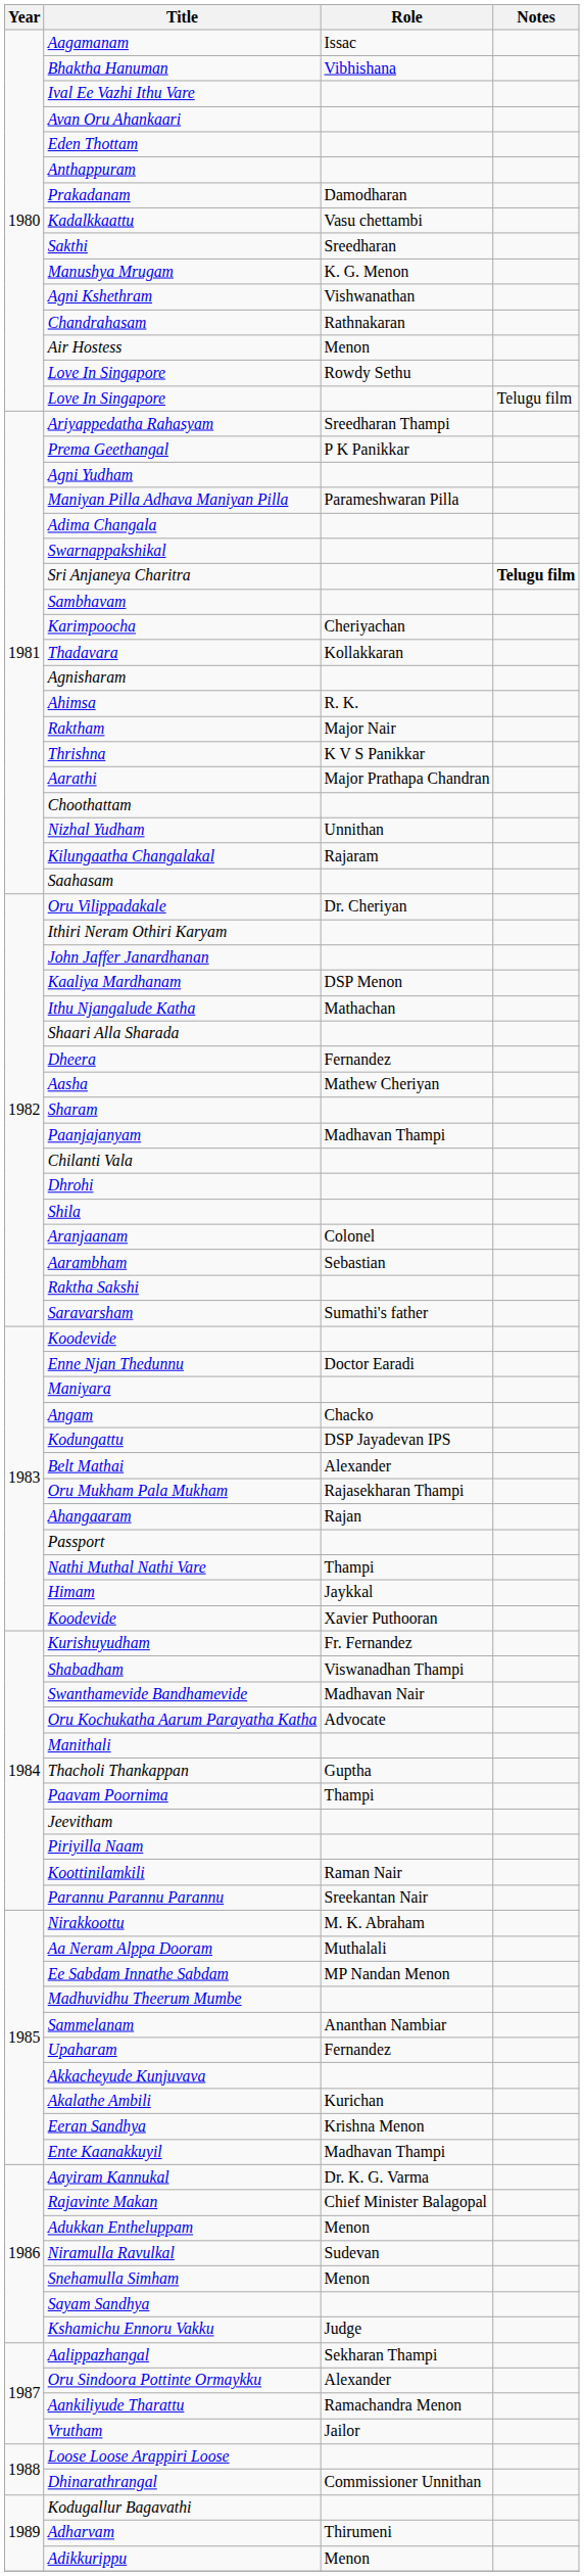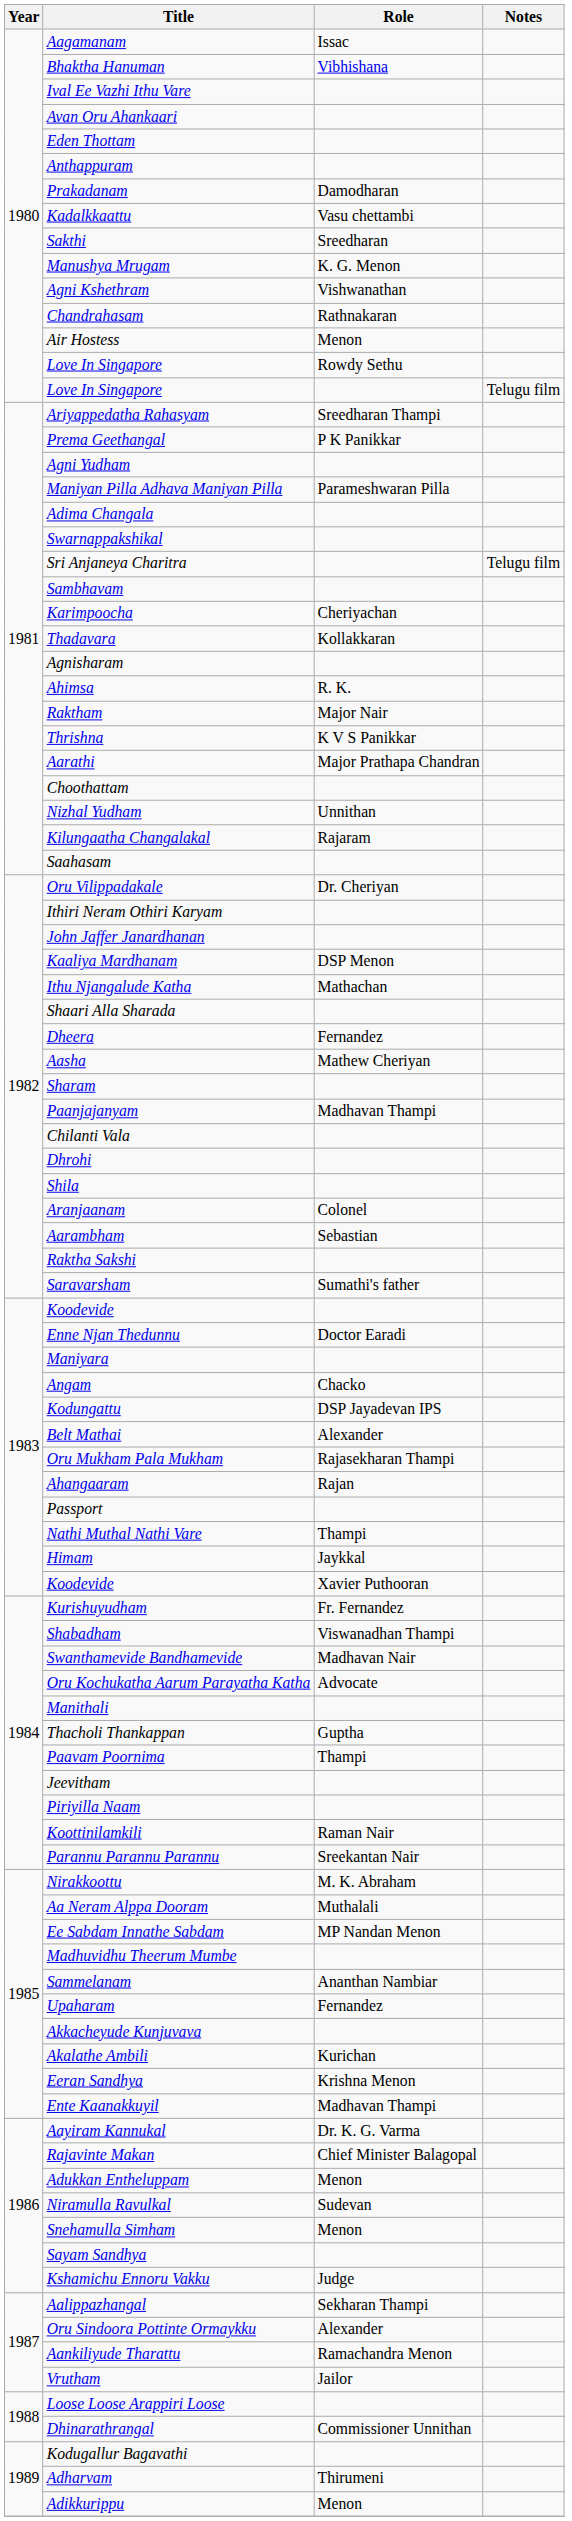 <table class="wikitable sortable">
 <tr>
 <th>Year</th>
 <th>Title</th>
 <th>Role</th>
 <th class="unsortable">Notes</th>
 </tr>
 <tr>
 <td rowspan=15>1980</td>
 <td><em><a href='#'>Aagamanam</a></em></td>
 <td>Issac</td>
 <td></td>
 </tr>
 <tr>
 <td><em><a href='#'>Bhaktha Hanuman</a></em></td>
 <td><a href='#'>Vibhishana</a></td>
 <td></td>
 </tr>
 <tr>
 <td><em><a href='#'>Ival Ee Vazhi Ithu Vare</a></em></td>
 <td></td>
 <td></td>
 </tr>
 <tr>
 <td><em><a href='#'>Avan Oru Ahankaari</a></em></td>
 <td></td>
 <td></td>
 </tr>
 <tr>
 <td><em><a href='#'>Eden Thottam</a></em></td>
 <td></td>
 <td></td>
 </tr>
 <tr>
 <td><em><a href='#'>Anthappuram</a></em></td>
 <td></td>
 <td></td>
 </tr>
 <tr>
 <td><em><a href='#'>Prakadanam</a></em></td>
 <td>Damodharan</td>
 <td></td>
 </tr>
 <tr>
 <td><em><a href='#'>Kadalkkaattu</a></em></td>
 <td>Vasu chettambi</td>
 <td></td>
 </tr>
 <tr>
 <td><em><a href='#'>Sakthi</a></em></td>
 <td>Sreedharan</td>
 <td></td>
 </tr>
 <tr>
 <td><em><a href='#'>Manushya Mrugam</a></em></td>
 <td>K. G. Menon</td>
 <td></td>
 </tr>
 <tr>
 <td><em><a href='#'>Agni Kshethram</a></em></td>
 <td>Vishwanathan</td>
 <td></td>
 </tr>
 <tr>
 <td><em><a href='#'>Chandrahasam</a></em></td>
 <td>Rathnakaran</td>
 <td></td>
 </tr>
 <tr>
 <td><em>Air Hostess</em></td>
 <td>Menon</td>
 <td></td>
 </tr>
 <tr>
 <td><em><a href='#'>Love In Singapore</a></em></td>
 <td>Rowdy Sethu</td>
 <td></td>
 </tr>
 <tr>
 <td><em><a href='#'>Love In Singapore</a></em></td>
 <td></td>
 <td>Telugu film</td>
 </tr>
 <tr>
 <td rowspan="19">1981</td>
 <td><em><a href='#'>Ariyappedatha Rahasyam</a></em></td>
 <td>Sreedharan Thampi</td>
 <td></td>
 </tr>
 <tr>
 <td><em><a href='#'>Prema Geethangal</a></em></td>
 <td>P K Panikkar</td>
 <td></td>
 </tr>
 <tr>
 <td><em><a href='#'>Agni Yudham</a></em></td>
 <td></td>
 <td></td>
 </tr>
 <tr>
 <td><em><a href='#'>Maniyan Pilla Adhava Maniyan Pilla</a></em></td>
 <td>Parameshwaran Pilla</td>
 <td></td>
 </tr>
 <tr>
 <td><em><a href='#'>Adima Changala</a></em></td>
 <td></td>
 <td></td>
 </tr>
 <tr>
 <td><em><a href='#'>Swarnappakshikal</a></em></td>
 <td></td>
 <td></td>
 </tr>
 <tr>
 <td><em>Sri Anjaneya Charitra</em></td>
 <td></td>
-<td><strong>Telugu film</strong></td>
+<td>Telugu film</td>
 </tr>
 <tr>
 <td><em><a href='#'>Sambhavam</a></em></td>
 <td></td>
 <td></td>
 </tr>
 <tr>
 <td><em><a href='#'>Karimpoocha</a></em></td>
 <td>Cheriyachan</td>
 <td></td>
 </tr>
 <tr>
 <td><em><a href='#'>Thadavara</a></em></td>
 <td>Kollakkaran</td>
 <td></td>
 </tr>
 <tr>
 <td><em>Agnisharam</em></td>
 <td></td>
 <td></td>
 </tr>
 <tr>
 <td><em><a href='#'>Ahimsa</a></em></td>
 <td>R. K.</td>
 <td></td>
 </tr>
 <tr>
 <td><em><a href='#'>Raktham</a></em></td>
 <td>Major Nair</td>
 <td></td>
 </tr>
 <tr>
 <td><em><a href='#'>Thrishna</a></em></td>
 <td>K V S Panikkar</td>
 <td></td>
 </tr>
 <tr>
 <td><em><a href='#'>Aarathi</a></em></td>
 <td>Major Prathapa Chandran</td>
 <td></td>
 </tr>
 <tr>
 <td><em>Choothattam</em></td>
 <td></td>
 <td></td>
 </tr>
 <tr>
 <td><em><a href='#'>Nizhal Yudham</a></em></td>
 <td>Unnithan</td>
 <td></td>
 </tr>
 <tr>
 <td><em><a href='#'>Kilungaatha Changalakal</a></em></td>
 <td>Rajaram</td>
 <td></td>
 </tr>
 <tr>
 <td><em>Saahasam</em></td>
 <td></td>
 <td></td>
 </tr>
 <tr>
 <td rowspan=17>1982</td>
 <td><em><a href='#'>Oru Vilippadakale</a></em></td>
 <td>Dr. Cheriyan</td>
 <td></td>
 </tr>
 <tr>
 <td><em>Ithiri Neram Othiri Karyam</em></td>
 <td></td>
 <td></td>
 </tr>
 <tr>
 <td><em><a href='#'>John Jaffer Janardhanan</a></em></td>
 <td></td>
 <td></td>
 </tr>
 <tr>
 <td><em><a href='#'>Kaaliya Mardhanam</a></em></td>
 <td>DSP Menon</td>
 <td></td>
 </tr>
 <tr>
 <td><em><a href='#'>Ithu Njangalude Katha</a></em></td>
 <td>Mathachan</td>
 <td></td>
 </tr>
 <tr>
 <td><em>Shaari Alla Sharada</em></td>
 <td></td>
 <td></td>
 </tr>
 <tr>
 <td><em><a href='#'>Dheera</a></em></td>
 <td>Fernandez</td>
 <td></td>
 </tr>
 <tr>
 <td><em><a href='#'>Aasha</a></em></td>
 <td>Mathew Cheriyan</td>
 <td></td>
 </tr>
 <tr>
 <td><em><a href='#'>Sharam</a></em></td>
 <td></td>
 <td></td>
 </tr>
 <tr>
 <td><em><a href='#'>Paanjajanyam</a></em></td>
 <td>Madhavan Thampi</td>
 <td></td>
 </tr>
 <tr>
 <td><em>Chilanti Vala</em></td>
 <td></td>
 <td></td>
 </tr>
 <tr>
 <td><em><a href='#'>Dhrohi</a></em></td>
 <td></td>
 <td></td>
 </tr>
 <tr>
 <td><em><a href='#'>Shila</a></em></td>
 <td></td>
 <td></td>
 </tr>
 <tr>
 <td><em><a href='#'>Aranjaanam</a></em></td>
 <td>Colonel</td>
 <td></td>
 </tr>
 <tr>
 <td><em><a href='#'>Aarambham</a></em></td>
 <td>Sebastian</td>
 <td></td>
 </tr>
 <tr>
 <td><em><a href='#'>Raktha Sakshi</a></em></td>
 <td></td>
 <td></td>
 </tr>
 <tr>
 <td><em><a href='#'>Saravarsham</a></em></td>
 <td>Sumathi's father</td>
 <td></td>
 </tr>
 <tr>
 <td rowspan=12>1983</td>
 <td><em><a href='#'>Koodevide</a></em></td>
 <td></td>
 <td></td>
 </tr>
 <tr>
 <td><em><a href='#'>Enne Njan Thedunnu</a></em></td>
 <td>Doctor Earadi</td>
 <td></td>
 </tr>
 <tr>
 <td><em><a href='#'>Maniyara</a></em></td>
 <td></td>
 <td></td>
 </tr>
 <tr>
 <td><em><a href='#'>Angam</a></em></td>
 <td>Chacko</td>
 <td></td>
 </tr>
 <tr>
 <td><em><a href='#'>Kodungattu</a></em></td>
 <td>DSP Jayadevan IPS</td>
 <td></td>
 </tr>
 <tr>
 <td><em><a href='#'>Belt Mathai</a></em></td>
 <td>Alexander</td>
 <td></td>
 </tr>
 <tr>
 <td><em><a href='#'>Oru Mukham Pala Mukham</a></em></td>
 <td>Rajasekharan Thampi</td>
 <td></td>
 </tr>
 <tr>
 <td><em><a href='#'>Ahangaaram</a></em></td>
 <td>Rajan</td>
 <td></td>
 </tr>
 <tr>
 <td><em>Passport</em></td>
 <td></td>
 <td></td>
 </tr>
 <tr>
 <td><em><a href='#'>Nathi Muthal Nathi Vare</a></em></td>
 <td>Thampi</td>
 <td></td>
 </tr>
 <tr>
 <td><em><a href='#'>Himam</a></em></td>
 <td>Jaykkal</td>
 <td></td>
 </tr>
 <tr>
 <td><em><a href='#'>Koodevide</a></em></td>
 <td>Xavier Puthooran</td>
 <td></td>
 </tr>
 <tr>
 <td rowspan=11>1984</td>
 <td><em><a href='#'>Kurishuyudham</a></em></td>
 <td>Fr. Fernandez</td>
 <td></td>
 </tr>
 <tr>
 <td><em><a href='#'>Shabadham</a></em></td>
 <td>Viswanadhan Thampi</td>
 <td></td>
 </tr>
 <tr>
 <td><em><a href='#'>Swanthamevide Bandhamevide</a></em></td>
 <td>Madhavan Nair</td>
 <td></td>
 </tr>
 <tr>
 <td><em><a href='#'>Oru Kochukatha Aarum Parayatha Katha</a></em></td>
 <td>Advocate</td>
 <td></td>
 </tr>
 <tr>
 <td><em><a href='#'>Manithali</a></em></td>
 <td></td>
 <td></td>
 </tr>
 <tr>
 <td><em>Thacholi Thankappan</em></td>
 <td>Guptha</td>
 <td></td>
 </tr>
 <tr>
 <td><em><a href='#'>Paavam Poornima</a></em></td>
 <td>Thampi</td>
 <td></td>
 </tr>
 <tr>
 <td><em>Jeevitham</em></td>
 <td></td>
 <td></td>
 </tr>
 <tr>
 <td><em><a href='#'>Piriyilla Naam</a></em></td>
 <td></td>
 <td></td>
 </tr>
 <tr>
 <td><em><a href='#'>Koottinilamkili</a></em></td>
 <td>Raman Nair</td>
 <td></td>
 </tr>
 <tr>
 <td><em><a href='#'>Parannu Parannu Parannu</a></em></td>
 <td>Sreekantan Nair</td>
 <td></td>
 </tr>
 <tr>
 <td rowspan=10>1985</td>
 <td><em><a href='#'>Nirakkoottu</a></em></td>
 <td>M. K. Abraham</td>
 <td></td>
 </tr>
 <tr>
 <td><em><a href='#'>Aa Neram Alppa Dooram</a></em></td>
 <td>Muthalali</td>
 <td></td>
 </tr>
 <tr>
 <td><em><a href='#'>Ee Sabdam Innathe Sabdam</a></em></td>
 <td>MP Nandan Menon</td>
 <td></td>
 </tr>
 <tr>
 <td><em><a href='#'>Madhuvidhu Theerum Mumbe</a></em></td>
 <td></td>
 <td></td>
 </tr>
 <tr>
 <td><em><a href='#'>Sammelanam</a></em></td>
 <td>Ananthan Nambiar</td>
 <td></td>
 </tr>
 <tr>
 <td><em><a href='#'>Upaharam</a></em></td>
 <td>Fernandez</td>
 <td></td>
 </tr>
 <tr>
 <td><em><a href='#'>Akkacheyude Kunjuvava</a></em></td>
 <td></td>
 <td></td>
 </tr>
 <tr>
 <td><em><a href='#'>Akalathe Ambili</a></em></td>
 <td>Kurichan</td>
 <td></td>
 </tr>
 <tr>
 <td><em><a href='#'>Eeran Sandhya</a></em></td>
 <td>Krishna Menon</td>
 <td></td>
 </tr>
 <tr>
 <td><em><a href='#'>Ente Kaanakkuyil</a></em></td>
 <td>Madhavan Thampi</td>
 <td></td>
 </tr>
 <tr>
 <td rowspan=7>1986</td>
 <td><em><a href='#'>Aayiram Kannukal</a></em></td>
 <td>Dr. K. G. Varma</td>
 <td></td>
 </tr>
 <tr>
 <td><em><a href='#'>Rajavinte Makan</a></em></td>
 <td>Chief Minister Balagopal</td>
 <td></td>
 </tr>
 <tr>
 <td><em><a href='#'>Adukkan Entheluppam</a></em></td>
 <td>Menon</td>
 <td></td>
 </tr>
 <tr>
 <td><em><a href='#'>Niramulla Ravulkal</a></em></td>
 <td>Sudevan</td>
 <td></td>
 </tr>
 <tr>
 <td><em><a href='#'>Snehamulla Simham</a></em></td>
 <td>Menon</td>
 <td></td>
 </tr>
 <tr>
 <td><em><a href='#'>Sayam Sandhya</a></em></td>
 <td></td>
 <td></td>
 </tr>
 <tr>
 <td><em><a href='#'>Kshamichu Ennoru Vakku</a></em></td>
 <td>Judge</td>
 <td></td>
 </tr>
 <tr>
 <td rowspan=4>1987</td>
 <td><em><a href='#'>Aalippazhangal</a></em></td>
 <td>Sekharan Thampi</td>
 <td></td>
 </tr>
 <tr>
 <td><em><a href='#'>Oru Sindoora Pottinte Ormaykku</a></em></td>
 <td>Alexander</td>
 <td></td>
 </tr>
 <tr>
 <td><em><a href='#'>Aankiliyude Tharattu</a></em></td>
 <td>Ramachandra Menon</td>
 <td></td>
 </tr>
 <tr>
 <td><em><a href='#'>Vrutham</a></em></td>
 <td>Jailor</td>
 <td></td>
 </tr>
 <tr>
 <td rowspan=2>1988</td>
 <td><em><a href='#'>Loose Loose Arappiri Loose</a></em></td>
 <td></td>
 <td></td>
 </tr>
 <tr>
 <td><em><a href='#'>Dhinarathrangal</a></em></td>
 <td>Commissioner Unnithan</td>
 <td></td>
 </tr>
 <tr>
 <td rowspan=3>1989</td>
 <td><em>Kodugallur Bagavathi</em></td>
 <td></td>
 <td></td>
 </tr>
 <tr>
 <td><em><a href='#'>Adharvam</a></em></td>
 <td>Thirumeni</td>
 <td></td>
 </tr>
 <tr>
 <td><em><a href='#'>Adikkurippu</a></em></td>
 <td>Menon</td>
 <td></td>
 </tr>
 <tr>
 </tr>
 </table>
